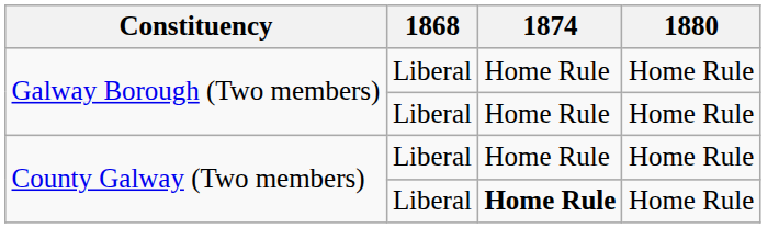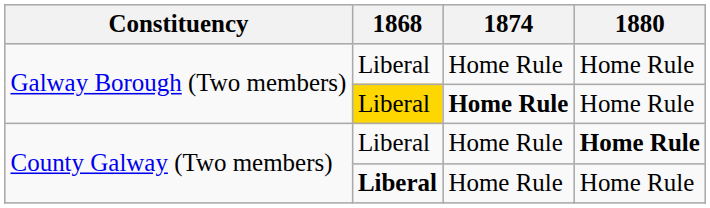 <table class="wikitable">
 <tr>
 <th>Constituency</th>
 <th>1868</th>
 <th>1874</th>
 <th>1880</th>
 </tr>
 <tr>
 <td rowspan="2"><a href='#'>Galway Borough</a> (Two members)</td>
 <td>Liberal</td>
 <td>Home Rule</td>
 <td>Home Rule</td>
 </tr>
 <tr>
-<td>Liberal</td>
-<td>Home Rule</td>
+<td style="background: gold;">Liberal</td>
+<td><strong>Home Rule</strong></td>
 <td>Home Rule</td>
 </tr>
 <tr>
 <td rowspan="2"><a href='#'>County Galway</a> (Two members)</td>
 <td>Liberal</td>
 <td>Home Rule</td>
-<td>Home Rule</td>
+<td><strong>Home Rule</strong></td>
 </tr>
 <tr>
-<td>Liberal</td>
-<td><strong>Home Rule</strong></td>
+<td><strong>Liberal</strong></td>
+<td>Home Rule</td>
 <td>Home Rule</td>
 </tr>
 </table>
